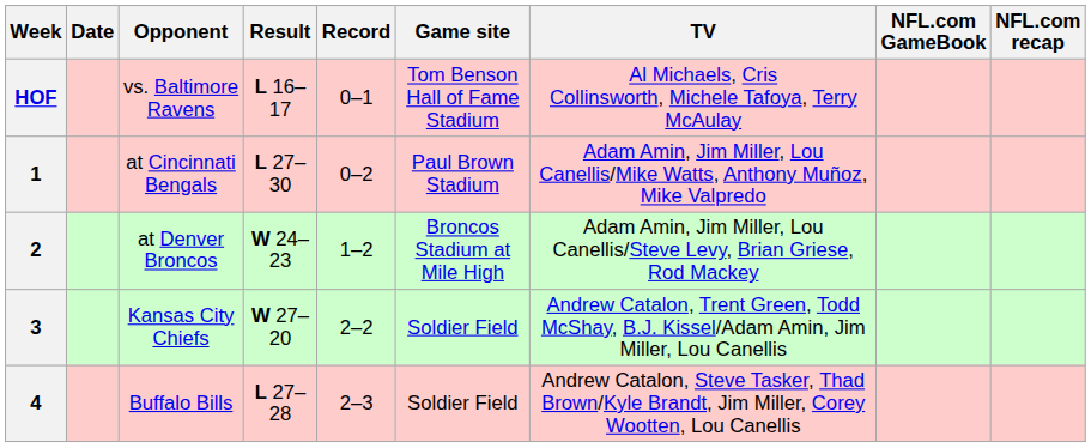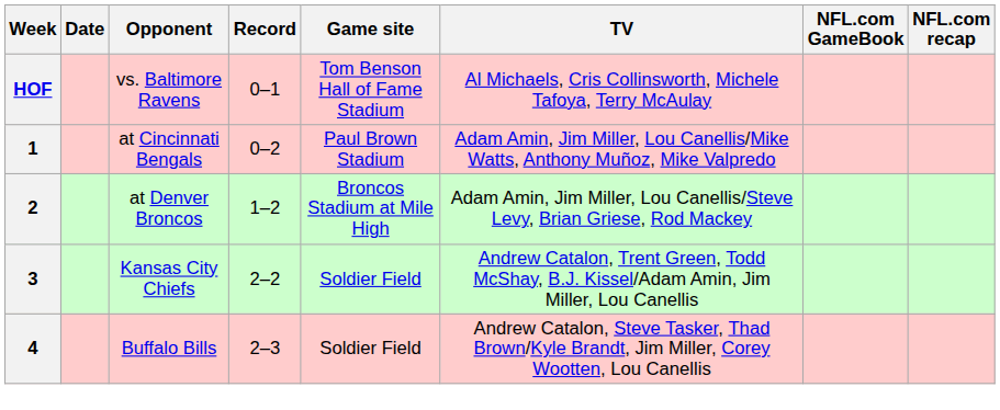 <table class="wikitable" style="text-align:center">
 <tr>
 <th>Week</th>
 <th>Date</th>
 <th>Opponent</th>
-<th>Result</th>
 <th>Record</th>
 <th>Game site</th>
 <th>TV</th>
 <th>NFL.com<br>GameBook</th>
 <th>NFL.com<br>recap</th>
 </tr>
 <tr style="background:#fcc">
 <th><a href='#'>HOF</a></th>
 <td></td>
 <td>vs. <a href='#'>Baltimore Ravens</a></td>
-<td><strong>L</strong> 16–17</td>
 <td>0–1</td>
 <td><a href='#'>Tom Benson Hall of Fame Stadium</a><br></td>
 <td><a href='#'>Al Michaels</a>, <a href='#'>Cris Collinsworth</a>, <a href='#'>Michele Tafoya</a>, <a href='#'>Terry McAulay</a></td>
 <td></td>
 <td></td>
 </tr>
 <tr style="background:#fcc">
 <th>1</th>
 <td></td>
 <td>at <a href='#'>Cincinnati Bengals</a></td>
-<td><strong>L</strong> 27–30</td>
 <td>0–2</td>
 <td><a href='#'>Paul Brown Stadium</a></td>
 <td><a href='#'>Adam Amin</a>, <a href='#'>Jim Miller</a>, <a href='#'>Lou Canellis</a>/<a href='#'>Mike Watts</a>, <a href='#'>Anthony Muñoz</a>, <a href='#'>Mike Valpredo</a></td>
 <td></td>
 <td></td>
 </tr>
 <tr style="background:#cfc">
 <th>2</th>
 <td></td>
 <td>at <a href='#'>Denver Broncos</a></td>
-<td><strong>W</strong> 24–23</td>
 <td>1–2</td>
 <td><a href='#'>Broncos Stadium at Mile High</a></td>
 <td>Adam Amin, Jim Miller, Lou Canellis/<a href='#'>Steve Levy</a>, <a href='#'>Brian Griese</a>, <a href='#'>Rod Mackey</a></td>
 <td></td>
 <td></td>
 </tr>
 <tr style="background:#cfc">
 <th>3</th>
 <td></td>
 <td><a href='#'>Kansas City Chiefs</a></td>
-<td><strong>W</strong> 27–20</td>
 <td>2–2</td>
 <td><a href='#'>Soldier Field</a></td>
 <td><a href='#'>Andrew Catalon</a>, <a href='#'>Trent Green</a>, <a href='#'>Todd McShay</a>, <a href='#'>B.J. Kissel</a>/Adam Amin, Jim Miller, Lou Canellis</td>
 <td></td>
 <td></td>
 </tr>
 <tr style="background:#fcc">
 <th>4</th>
 <td></td>
 <td><a href='#'>Buffalo Bills</a></td>
-<td><strong>L</strong> 27–28</td>
 <td>2–3</td>
 <td>Soldier Field</td>
 <td>Andrew Catalon, <a href='#'>Steve Tasker</a>, <a href='#'>Thad Brown</a>/<a href='#'>Kyle Brandt</a>, Jim Miller, <a href='#'>Corey Wootten</a>, Lou Canellis</td>
 <td></td>
 <td></td>
 </tr>
 </table>
